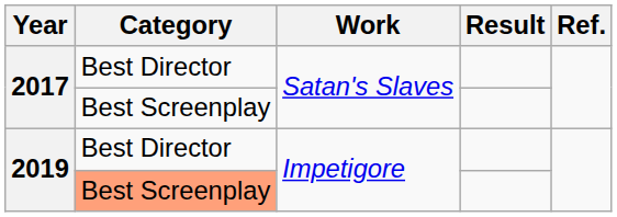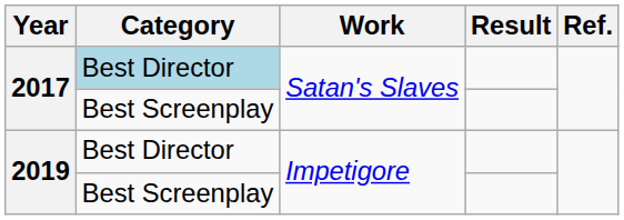 <table class="wikitable plainrowheaders sortable">
 <tr>
 <th>Year</th>
 <th>Category</th>
 <th>Work</th>
 <th>Result</th>
 <th class="unsortable">Ref.</th>
 </tr>
 <tr>
 <th rowspan="2">2017</th>
-<td>Best Director</td>
+<td style="background: lightblue;">Best Director</td>
 <td rowspan="2"><em><a href='#'>Satan's Slaves</a></em></td>
 <td></td>
 <td rowspan="2"></td>
 </tr>
 <tr>
 <td>Best Screenplay</td>
 <td></td>
 </tr>
 <tr>
 <th rowspan="2">2019</th>
 <td>Best Director</td>
 <td rowspan="2"><em><a href='#'>Impetigore</a></em></td>
 <td></td>
 <td rowspan="2"></td>
 </tr>
 <tr>
-<td style="background: lightsalmon;">Best Screenplay</td>
+<td>Best Screenplay</td>
 <td></td>
 </tr>
 </table>
